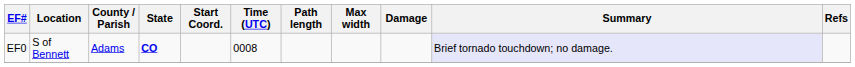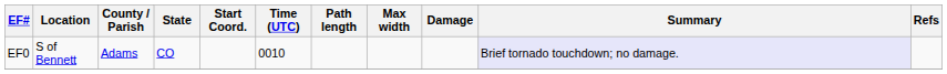 <table class="wikitable sortable" style="width:100%;">
 <tr>
 <th scope="col" width="3%" align="center"><a href='#'>EF#</a></th>
 <th scope="col" width="7%" align="center" class="unsortable">Location</th>
 <th scope="col" width="6%" align="center" class="unsortable">County / Parish</th>
 <th scope="col" width="5%" align="center">State</th>
 <th scope="col" width="6%" align="center">Start Coord.</th>
 <th scope="col" width="6%" align="center">Time (<a href='#'>UTC</a>)</th>
 <th scope="col" width="6%" align="center">Path length</th>
 <th scope="col" width="6%" align="center">Max width</th>
 <th scope="col" width="6%" align="center">Damage</th>
 <th scope="col" width="48%" class="unsortable" align="center">Summary</th>
 <th scope="col" width="48%" class="unsortable" align="center">Refs</th>
 </tr>
 <tr>
 <td>EF0</td>
 <td>S of <a href='#'>Bennett</a></td>
 <td><a href='#'>Adams</a></td>
-<td><strong><a href='#'>CO</a></strong></td>
+<td><a href='#'>CO</a></td>
 <td></td>
-<td>0008</td>
+<td>0010</td>
 <td></td>
 <td></td>
 <td></td>
 <td style="background: lavender;">Brief tornado touchdown; no damage.</td>
 <td></td>
 </tr>
 <tr>
 </tr>
 </table>
